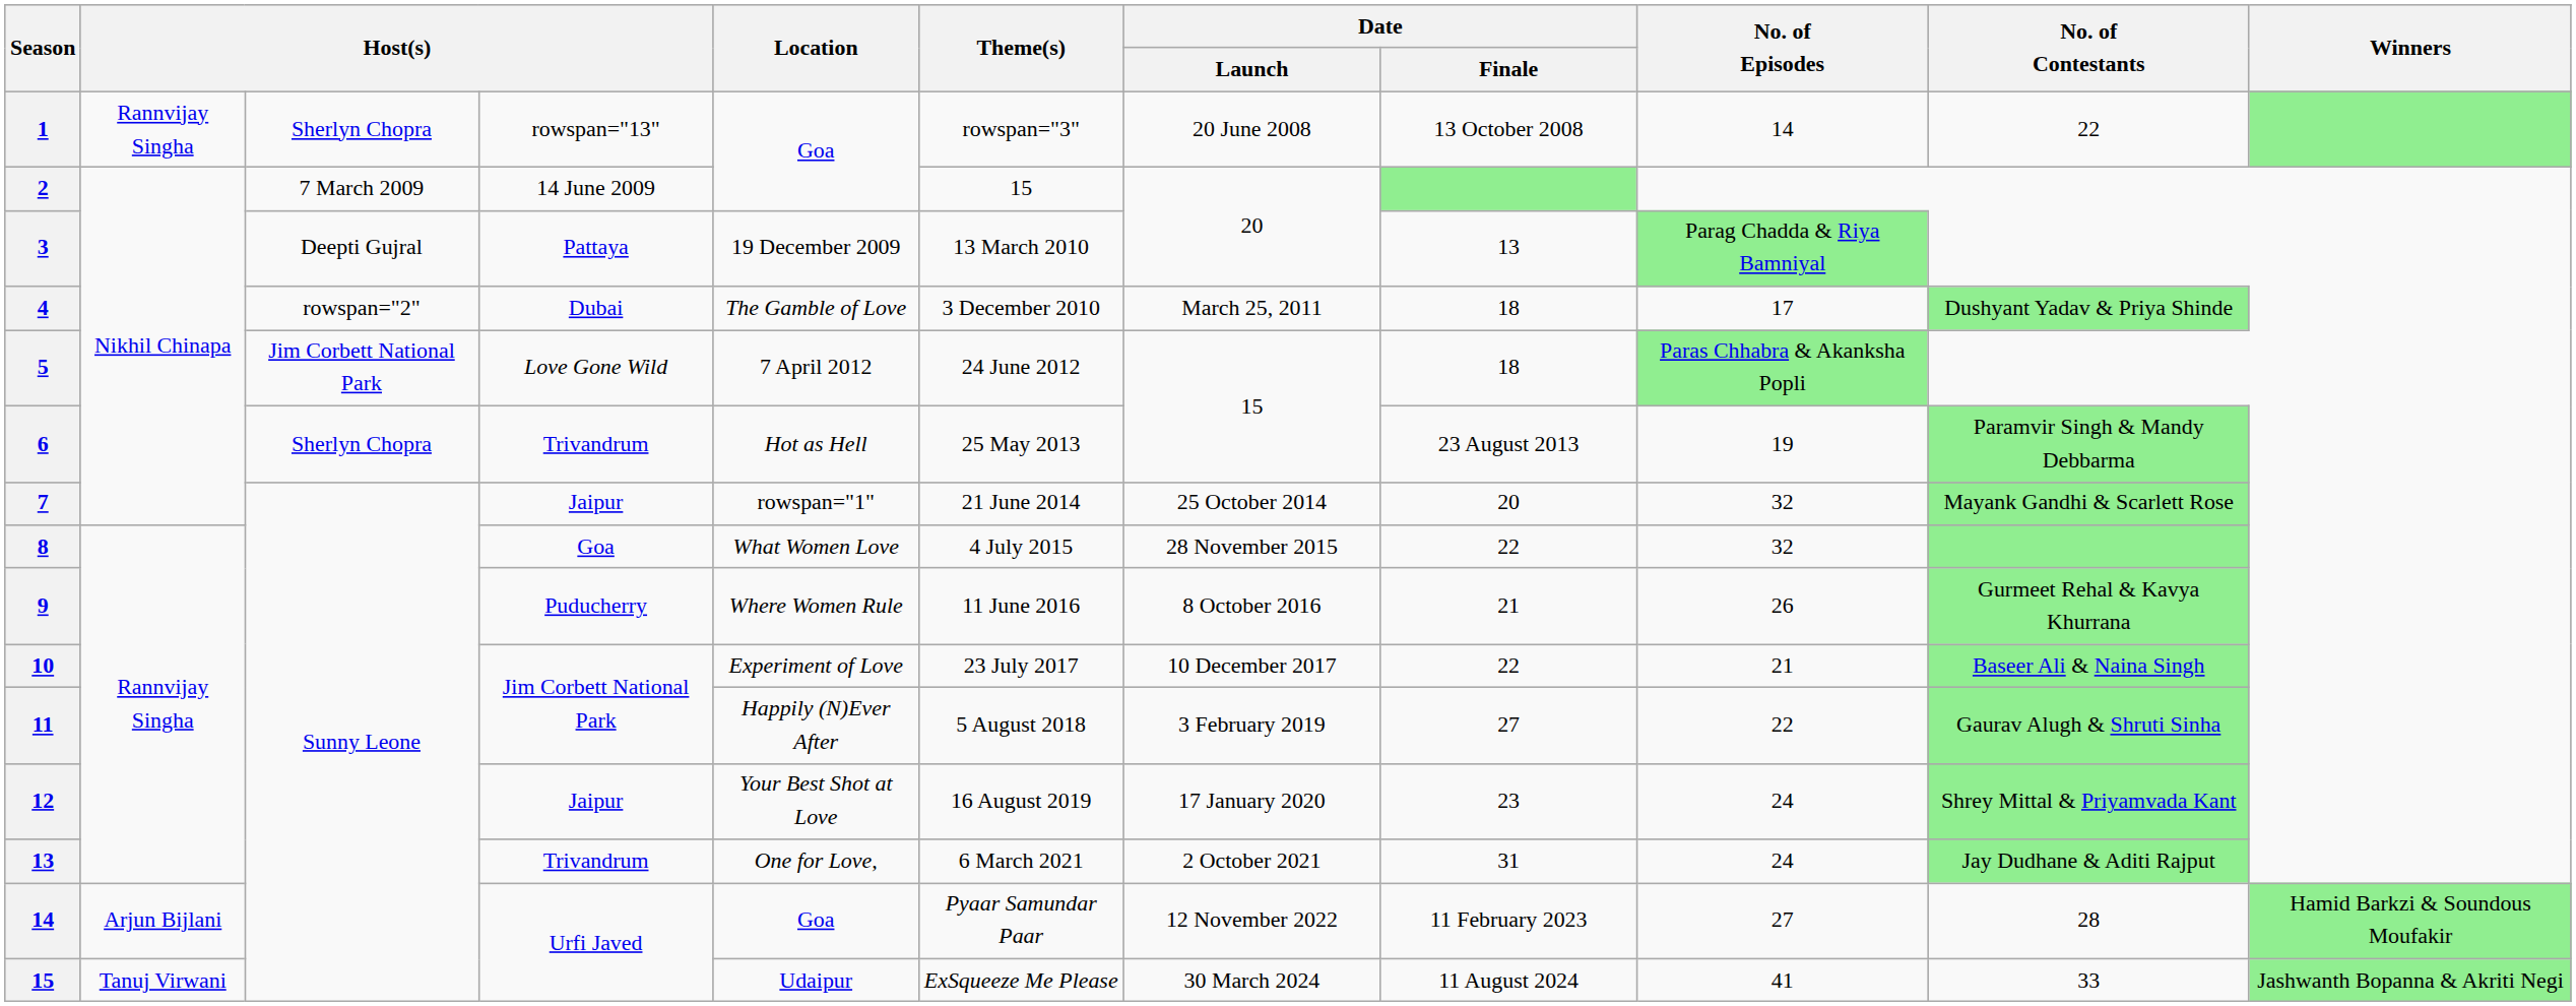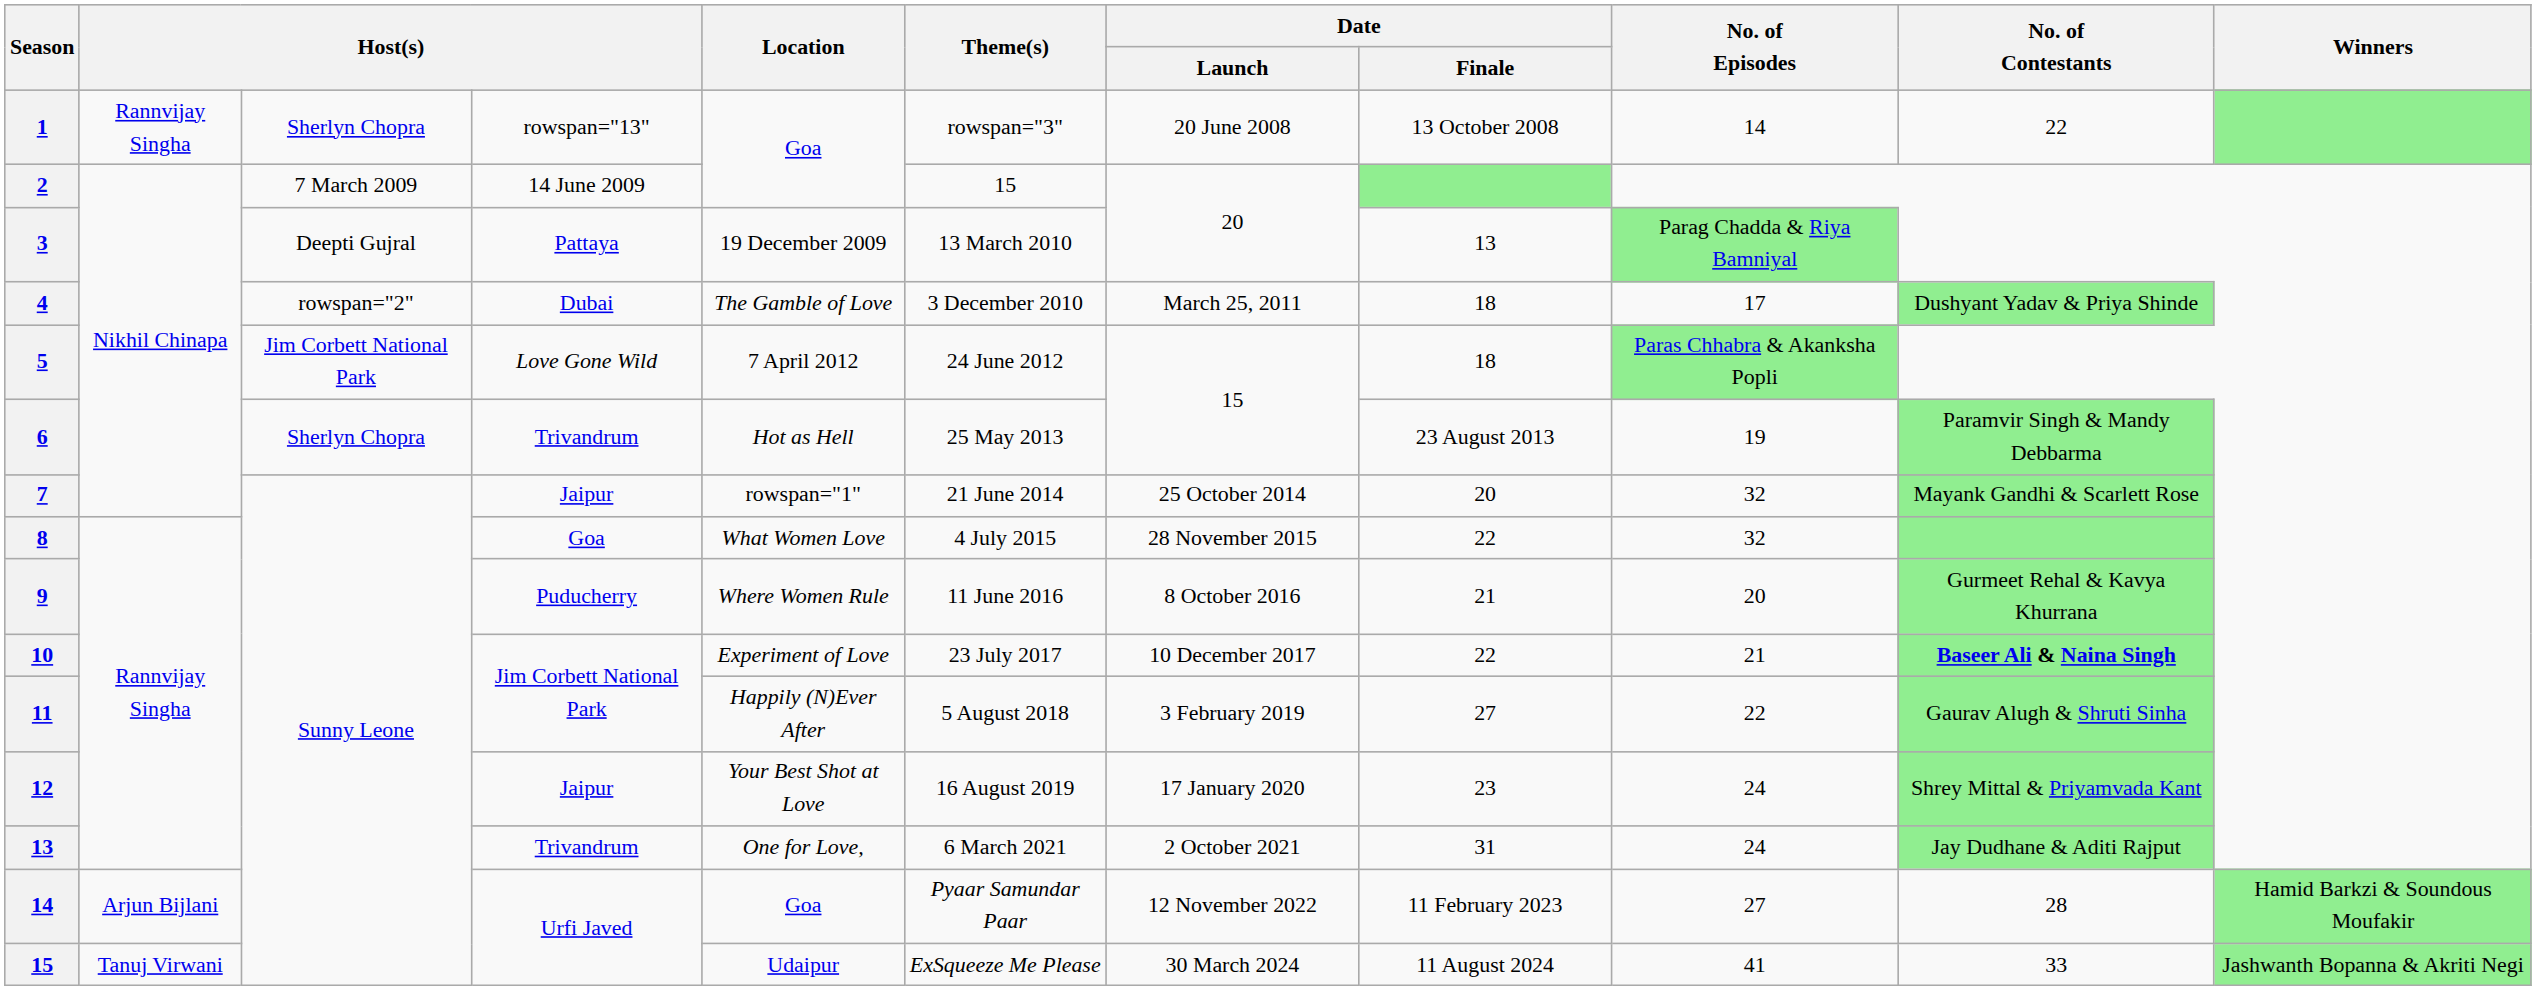 <table class="wikitable sortable" style="text-align:center;font-size: 85%; line-height:20px; width:auto;">
 <tr>
 <th rowspan="2">Season</th>
 <th colspan="3" rowspan="2">Host(s)</th>
 <th rowspan="2">Location</th>
 <th rowspan="2">Theme(s)</th>
 <th colspan="2">Date</th>
 <th rowspan="2">No. of<br>Episodes</th>
 <th rowspan="2">No. of<br>Contestants</th>
 <th rowspan="2">Winners</th>
 </tr>
 <tr>
 <th style="width:10%;">Launch</th>
 <th style="width:10%;">Finale</th>
 </tr>
 <tr>
 <th><a href='#'>1</a></th>
 <td><a href='#'>Rannvijay Singha</a></td>
 <td><a href='#'>Sherlyn Chopra</a></td>
 <td>rowspan="13" </td>
 <td rowspan="2"><a href='#'>Goa</a></td>
 <td>rowspan="3" </td>
 <td>20 June 2008</td>
 <td>13 October 2008</td>
 <td>14</td>
 <td>22</td>
 <td bgcolor="lightgreen"></td>
 </tr>
 <tr>
 <th><a href='#'>2</a></th>
 <td rowspan="6"><a href='#'>Nikhil Chinapa</a></td>
 <td>7 March 2009</td>
 <td>14 June 2009</td>
 <td>15</td>
 <td rowspan="2">20</td>
 <td bgcolor="lightgreen"></td>
 </tr>
 <tr>
 <th><a href='#'>3</a></th>
 <td>Deepti Gujral</td>
 <td><a href='#'>Pattaya</a></td>
 <td>19 December 2009</td>
 <td>13 March 2010</td>
 <td>13</td>
 <td bgcolor="lightgreen">Parag Chadda & <a href='#'>Riya Bamniyal</a></td>
 </tr>
 <tr>
 <th><a href='#'>4</a></th>
 <td>rowspan="2"   </td>
 <td><a href='#'>Dubai</a></td>
 <td><em>The Gamble of Love</em></td>
 <td>3 December 2010</td>
 <td>March 25, 2011</td>
 <td>18</td>
 <td>17</td>
 <td bgcolor="lightgreen">Dushyant Yadav & Priya Shinde</td>
 </tr>
 <tr>
 <th><a href='#'>5</a></th>
 <td><a href='#'>Jim Corbett National Park</a></td>
 <td><em>Love Gone Wild</em></td>
 <td>7 April 2012</td>
 <td>24 June 2012</td>
 <td rowspan="2">15</td>
 <td>18</td>
 <td bgcolor="lightgreen"><a href='#'>Paras Chhabra</a> & Akanksha Popli</td>
 </tr>
 <tr>
 <th><a href='#'>6</a></th>
 <td><a href='#'>Sherlyn Chopra</a></td>
 <td><a href='#'>Trivandrum</a></td>
 <td><em>Hot as Hell</em></td>
 <td>25 May 2013</td>
 <td>23 August 2013</td>
 <td>19</td>
 <td bgcolor="lightgreen">Paramvir Singh & Mandy Debbarma</td>
 </tr>
 <tr>
 <th><a href='#'>7</a></th>
 <td rowspan="9"><a href='#'>Sunny Leone</a></td>
 <td><a href='#'>Jaipur</a></td>
 <td>rowspan="1" </td>
 <td>21 June 2014</td>
 <td>25 October 2014</td>
 <td>20</td>
 <td>32</td>
 <td bgcolor="lightgreen">Mayank Gandhi & Scarlett Rose</td>
 </tr>
 <tr>
 <th><a href='#'>8</a></th>
 <td rowspan="6"><a href='#'>Rannvijay Singha</a></td>
 <td><a href='#'>Goa</a></td>
 <td><em>What Women Love</em></td>
 <td>4 July 2015</td>
 <td>28 November 2015</td>
 <td>22</td>
 <td>32</td>
 <td bgcolor="lightgreen"></td>
 </tr>
 <tr>
 <th><a href='#'>9</a></th>
 <td><a href='#'>Puducherry</a></td>
 <td><em>Where Women Rule </em></td>
 <td>11 June 2016</td>
 <td>8 October 2016</td>
 <td>21</td>
-<td>26</td>
+<td>20</td>
 <td bgcolor="lightgreen">Gurmeet Rehal & Kavya Khurrana</td>
 </tr>
 <tr>
 <th><a href='#'>10</a></th>
 <td rowspan="2"><a href='#'>Jim Corbett National Park</a></td>
 <td><em>Experiment of Love</em></td>
 <td>23 July 2017</td>
 <td>10 December 2017</td>
 <td>22</td>
 <td>21</td>
-<td bgcolor="lightgreen"><a href='#'>Baseer Ali</a> & <a href='#'>Naina Singh</a></td>
+<td bgcolor="lightgreen"><strong><a href='#'>Baseer Ali</a> & <a href='#'>Naina Singh</a></strong></td>
 </tr>
 <tr>
 <th><a href='#'>11</a></th>
 <td><em>Happily (N)Ever After</em></td>
 <td>5 August 2018</td>
 <td>3 February 2019</td>
 <td>27</td>
 <td>22</td>
 <td bgcolor="lightgreen">Gaurav Alugh & <a href='#'>Shruti Sinha</a></td>
 </tr>
 <tr>
 <th><a href='#'>12</a></th>
 <td><a href='#'>Jaipur</a></td>
 <td><em>Your Best Shot at Love</em></td>
 <td>16 August 2019</td>
 <td>17 January 2020</td>
 <td>23</td>
 <td>24</td>
 <td bgcolor="lightgreen">Shrey Mittal & <a href='#'>Priyamvada Kant</a></td>
 </tr>
 <tr>
 <th><a href='#'>13</a></th>
 <td><a href='#'>Trivandrum</a></td>
 <td><em>One for Love, </em></td>
 <td>6 March 2021</td>
 <td>2 October 2021</td>
 <td>31</td>
 <td>24</td>
 <td bgcolor="lightgreen">Jay Dudhane & Aditi Rajput</td>
 </tr>
 <tr>
 <th><a href='#'>14</a></th>
 <td><a href='#'>Arjun Bijlani</a></td>
 <td rowspan="2"><a href='#'>Urfi Javed</a></td>
 <td><a href='#'>Goa</a></td>
 <td><em>Pyaar Samundar Paar</em></td>
 <td>12 November 2022</td>
 <td>11 February 2023</td>
 <td>27</td>
 <td>28</td>
 <td bgcolor="lightgreen">Hamid Barkzi & Soundous Moufakir</td>
 </tr>
 <tr>
 <th><a href='#'>15</a></th>
 <td><a href='#'>Tanuj Virwani</a></td>
 <td><a href='#'>Udaipur</a></td>
 <td><em>ExSqueeze Me Please</em></td>
 <td>30 March 2024</td>
 <td>11 August 2024</td>
 <td>41</td>
 <td>33</td>
 <td bgcolor="lightgreen">Jashwanth Bopanna & Akriti Negi</td>
 </tr>
 </table>
